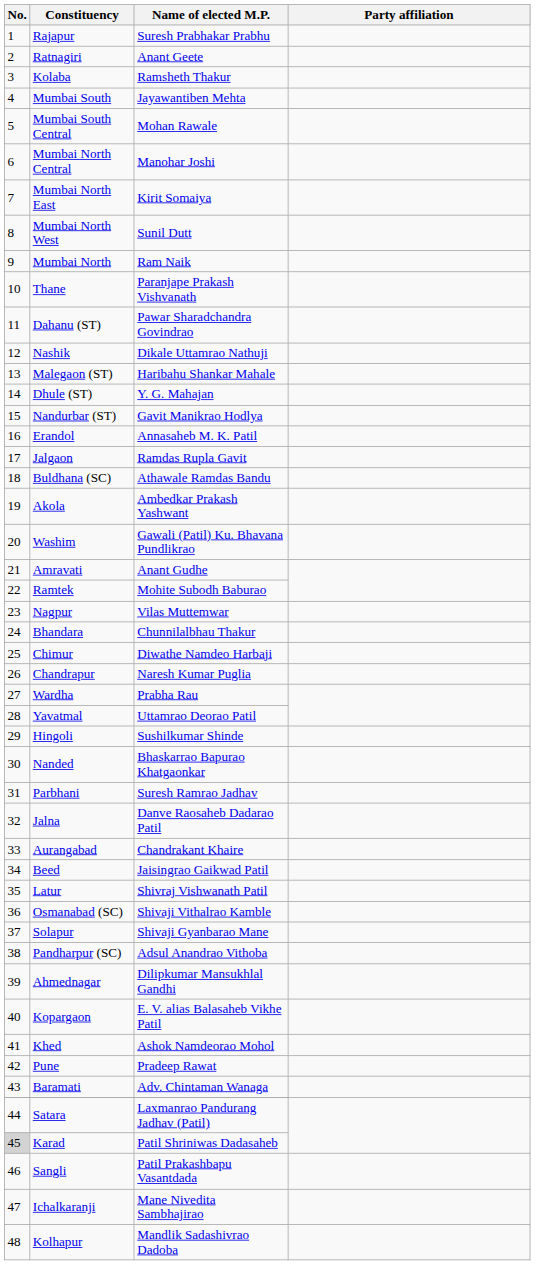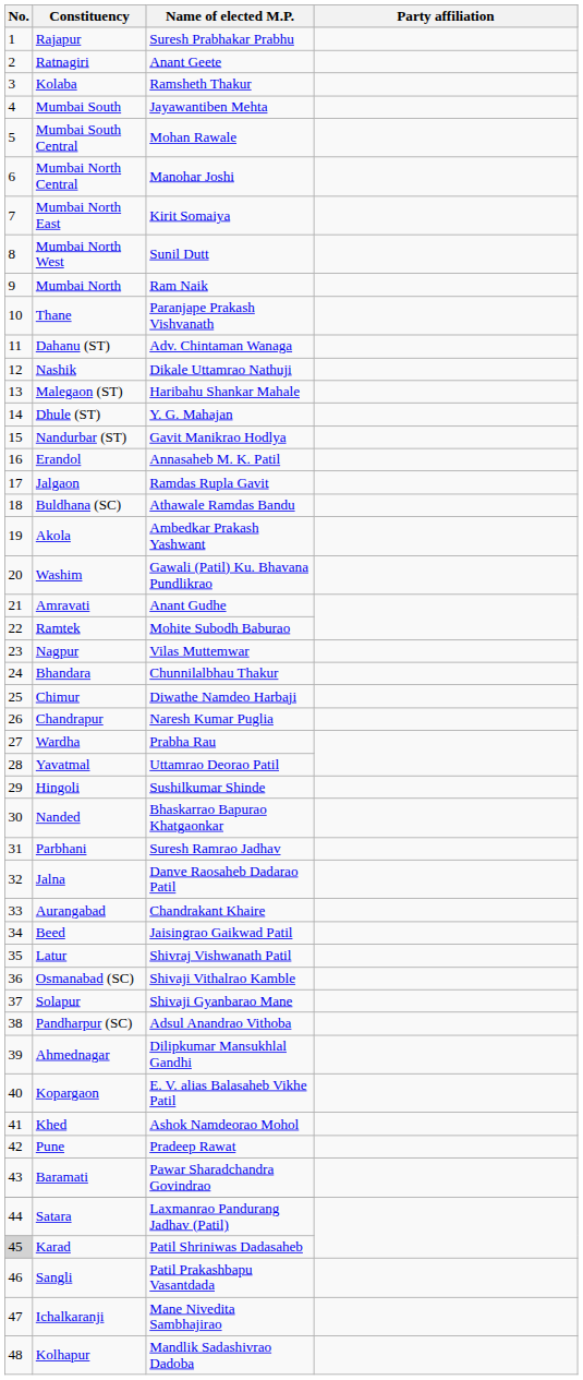 <table class="wikitable">
 <tr style="background:#ccc; text-align:center;">
 <th>No.</th>
 <th style="width:120px">Constituency</th>
 <th style="width:180px">Name of elected M.P.</th>
 <th colspan="2" style="width:18em">Party affiliation</th>
 </tr>
 <tr>
 <td>1</td>
 <td><a href='#'>Rajapur</a></td>
 <td><a href='#'>Suresh Prabhakar Prabhu</a></td>
 <td></td>
 </tr>
 <tr>
 <td>2</td>
 <td><a href='#'>Ratnagiri</a></td>
 <td><a href='#'>Anant Geete</a></td>
 </tr>
 <tr>
 <td>3</td>
 <td><a href='#'>Kolaba</a></td>
 <td><a href='#'>Ramsheth Thakur</a></td>
 <td></td>
 </tr>
 <tr>
 <td>4</td>
 <td><a href='#'>Mumbai South</a></td>
 <td><a href='#'>Jayawantiben Mehta</a></td>
 <td></td>
 </tr>
 <tr>
 <td>5</td>
 <td><a href='#'>Mumbai South Central</a></td>
 <td><a href='#'>Mohan Rawale</a></td>
 <td></td>
 </tr>
 <tr>
 <td>6</td>
 <td><a href='#'>Mumbai North Central</a></td>
 <td><a href='#'>Manohar Joshi</a></td>
 </tr>
 <tr>
 <td>7</td>
 <td><a href='#'>Mumbai North East</a></td>
 <td><a href='#'>Kirit Somaiya</a></td>
 <td></td>
 </tr>
 <tr>
 <td>8</td>
 <td><a href='#'>Mumbai North West</a></td>
 <td><a href='#'>Sunil Dutt</a></td>
 <td></td>
 </tr>
 <tr>
 <td>9</td>
 <td><a href='#'>Mumbai North</a></td>
 <td><a href='#'>Ram Naik</a></td>
 <td></td>
 </tr>
 <tr>
 <td>10</td>
 <td><a href='#'>Thane</a></td>
 <td><a href='#'>Paranjape Prakash Vishvanath</a></td>
 <td></td>
 </tr>
 <tr>
 <td>11</td>
 <td><a href='#'>Dahanu</a> (ST)</td>
-<td><a href='#'>Pawar Sharadchandra Govindrao</a></td>
+<td><a href='#'>Adv. Chintaman Wanaga</a></td>
 <td></td>
 </tr>
 <tr>
 <td>12</td>
 <td><a href='#'>Nashik</a></td>
 <td><a href='#'>Dikale Uttamrao Nathuji</a></td>
 <td></td>
 </tr>
 <tr>
 <td>13</td>
 <td><a href='#'>Malegaon</a> (ST)</td>
 <td><a href='#'>Haribahu Shankar Mahale</a></td>
 <td></td>
 </tr>
 <tr>
 <td>14</td>
 <td><a href='#'>Dhule</a> (ST)</td>
 <td><a href='#'>Y. G. Mahajan</a></td>
 <td></td>
 </tr>
 <tr>
 <td>15</td>
 <td><a href='#'>Nandurbar</a> (ST)</td>
 <td><a href='#'>Gavit Manikrao Hodlya</a></td>
 <td></td>
 </tr>
 <tr>
 <td>16</td>
 <td><a href='#'>Erandol</a></td>
 <td><a href='#'>Annasaheb M. K. Patil</a></td>
 <td></td>
 </tr>
 <tr>
 <td>17</td>
 <td><a href='#'>Jalgaon</a></td>
 <td><a href='#'>Ramdas Rupla Gavit</a></td>
 </tr>
 <tr>
 <td>18</td>
 <td><a href='#'>Buldhana</a> (SC)</td>
 <td><a href='#'>Athawale Ramdas Bandu</a></td>
 <td></td>
 </tr>
 <tr>
 <td>19</td>
 <td><a href='#'>Akola</a></td>
 <td><a href='#'>Ambedkar Prakash Yashwant</a></td>
 <td></td>
 </tr>
 <tr>
 <td>20</td>
 <td><a href='#'>Washim</a></td>
 <td><a href='#'>Gawali (Patil) Ku. Bhavana Pundlikrao</a></td>
 <td></td>
 </tr>
 <tr>
 <td>21</td>
 <td><a href='#'>Amravati</a></td>
 <td><a href='#'>Anant Gudhe</a></td>
 </tr>
 <tr>
 <td>22</td>
 <td><a href='#'>Ramtek</a></td>
 <td><a href='#'>Mohite Subodh Baburao</a></td>
 </tr>
 <tr>
 <td>23</td>
 <td><a href='#'>Nagpur</a></td>
 <td><a href='#'>Vilas Muttemwar</a></td>
 <td></td>
 </tr>
 <tr>
 <td>24</td>
 <td><a href='#'>Bhandara</a></td>
 <td><a href='#'>Chunnilalbhau Thakur</a></td>
 <td></td>
 </tr>
 <tr>
 <td>25</td>
 <td><a href='#'>Chimur</a></td>
 <td><a href='#'>Diwathe Namdeo Harbaji</a></td>
 </tr>
 <tr>
 <td>26</td>
 <td><a href='#'>Chandrapur</a></td>
 <td><a href='#'>Naresh Kumar Puglia</a></td>
 <td></td>
 </tr>
 <tr>
 <td>27</td>
 <td><a href='#'>Wardha</a></td>
 <td><a href='#'>Prabha Rau</a></td>
 </tr>
 <tr>
 <td>28</td>
 <td><a href='#'>Yavatmal</a></td>
 <td><a href='#'>Uttamrao Deorao Patil</a></td>
 </tr>
 <tr>
 <td>29</td>
 <td><a href='#'>Hingoli</a></td>
 <td><a href='#'>Sushilkumar Shinde</a></td>
 <td></td>
 </tr>
 <tr>
 <td>30</td>
 <td><a href='#'>Nanded</a></td>
 <td><a href='#'>Bhaskarrao Bapurao Khatgaonkar</a></td>
 <td></td>
 </tr>
 <tr>
 <td>31</td>
 <td><a href='#'>Parbhani</a></td>
 <td><a href='#'>Suresh Ramrao Jadhav</a></td>
 <td></td>
 </tr>
 <tr>
 <td>32</td>
 <td><a href='#'>Jalna</a></td>
 <td><a href='#'>Danve Raosaheb Dadarao Patil</a></td>
 <td></td>
 </tr>
 <tr>
 <td>33</td>
 <td><a href='#'>Aurangabad</a></td>
 <td><a href='#'>Chandrakant Khaire</a></td>
 <td></td>
 </tr>
 <tr>
 <td>34</td>
 <td><a href='#'>Beed</a></td>
 <td><a href='#'>Jaisingrao Gaikwad Patil</a></td>
 <td></td>
 </tr>
 <tr>
 <td>35</td>
 <td><a href='#'>Latur</a></td>
 <td><a href='#'>Shivraj Vishwanath Patil</a></td>
 <td></td>
 </tr>
 <tr>
 <td>36</td>
 <td><a href='#'>Osmanabad</a> (SC)</td>
 <td><a href='#'>Shivaji Vithalrao Kamble</a></td>
 <td></td>
 </tr>
 <tr>
 <td>37</td>
 <td><a href='#'>Solapur</a></td>
 <td><a href='#'>Shivaji Gyanbarao Mane</a></td>
 <td></td>
 </tr>
 <tr>
 <td>38</td>
 <td><a href='#'>Pandharpur</a> (SC)</td>
 <td><a href='#'>Adsul Anandrao Vithoba</a></td>
 <td></td>
 </tr>
 <tr>
 <td>39</td>
 <td><a href='#'>Ahmednagar</a></td>
 <td><a href='#'>Dilipkumar Mansukhlal Gandhi</a></td>
 <td></td>
 </tr>
 <tr>
 <td>40</td>
 <td><a href='#'>Kopargaon</a></td>
 <td><a href='#'>E. V. alias Balasaheb Vikhe Patil</a></td>
 <td></td>
 </tr>
 <tr>
 <td>41</td>
 <td><a href='#'>Khed</a></td>
 <td><a href='#'>Ashok Namdeorao Mohol</a></td>
 <td></td>
 </tr>
 <tr>
 <td>42</td>
 <td><a href='#'>Pune</a></td>
 <td><a href='#'>Pradeep Rawat</a></td>
 <td></td>
 </tr>
 <tr>
 <td>43</td>
 <td><a href='#'>Baramati</a></td>
-<td><a href='#'>Adv. Chintaman Wanaga</a></td>
+<td><a href='#'>Pawar Sharadchandra Govindrao</a></td>
 <td></td>
 </tr>
 <tr bgcolor=#FFFFFF>
 </tr>
 <tr>
 <td>44</td>
 <td><a href='#'>Satara</a></td>
 <td><a href='#'>Laxmanrao Pandurang Jadhav (Patil)</a></td>
 </tr>
 <tr>
 <td style="background: lightgrey;">45</td>
 <td><a href='#'>Karad</a></td>
 <td><a href='#'>Patil Shriniwas Dadasaheb</a></td>
 </tr>
 <tr>
 <td>46</td>
 <td><a href='#'>Sangli</a></td>
 <td><a href='#'>Patil Prakashbapu Vasantdada</a></td>
 <td></td>
 </tr>
 <tr>
 <td>47</td>
 <td><a href='#'>Ichalkaranji</a></td>
 <td><a href='#'>Mane Nivedita Sambhajirao</a></td>
 <td></td>
 </tr>
 <tr>
 <td>48</td>
 <td><a href='#'>Kolhapur</a></td>
 <td><a href='#'>Mandlik Sadashivrao Dadoba</a></td>
 </tr>
 </table>
